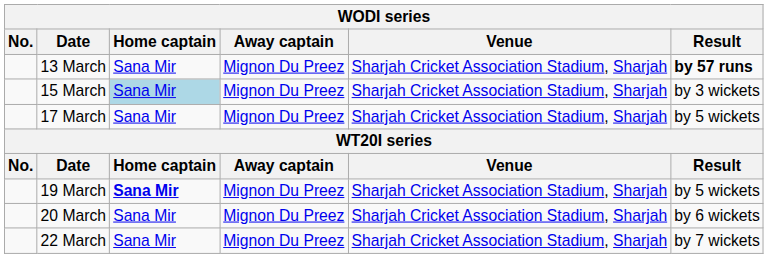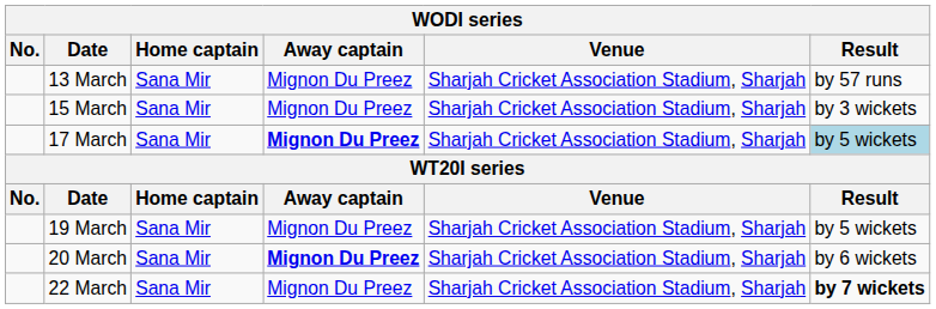 <table class="wikitable">
 <tr>
 <th colspan="9">WODI series</th>
 </tr>
 <tr>
 <th>No.</th>
 <th>Date</th>
 <th>Home captain</th>
 <th>Away captain</th>
 <th>Venue</th>
 <th>Result</th>
 </tr>
 <tr>
 <td></td>
 <td>13 March</td>
 <td><a href='#'>Sana Mir</a></td>
 <td><a href='#'>Mignon Du Preez</a></td>
 <td><a href='#'>Sharjah Cricket Association Stadium</a>, <a href='#'>Sharjah</a></td>
-<td><strong> by 57 runs</strong></td>
+<td> by 57 runs</td>
 </tr>
 <tr>
 <td></td>
 <td>15 March</td>
-<td style="background: lightblue;"><a href='#'>Sana Mir</a></td>
+<td><a href='#'>Sana Mir</a></td>
 <td><a href='#'>Mignon Du Preez</a></td>
 <td><a href='#'>Sharjah Cricket Association Stadium</a>, <a href='#'>Sharjah</a></td>
 <td> by 3 wickets</td>
 </tr>
 <tr>
 <td></td>
 <td>17 March</td>
 <td><a href='#'>Sana Mir</a></td>
-<td><a href='#'>Mignon Du Preez</a></td>
+<td><strong><a href='#'>Mignon Du Preez</a></strong></td>
 <td><a href='#'>Sharjah Cricket Association Stadium</a>, <a href='#'>Sharjah</a></td>
-<td> by 5 wickets</td>
+<td style="background: lightblue;"> by 5 wickets</td>
 </tr>
 <tr>
 <th colspan="9">WT20I series</th>
 </tr>
 <tr>
 <th>No.</th>
 <th>Date</th>
 <th>Home captain</th>
 <th>Away captain</th>
 <th>Venue</th>
 <th>Result</th>
 </tr>
 <tr>
 <td></td>
 <td>19 March</td>
-<td><strong><a href='#'>Sana Mir</a></strong></td>
+<td><a href='#'>Sana Mir</a></td>
 <td><a href='#'>Mignon Du Preez</a></td>
 <td><a href='#'>Sharjah Cricket Association Stadium</a>, <a href='#'>Sharjah</a></td>
 <td> by 5 wickets</td>
 </tr>
 <tr>
 <td></td>
 <td>20 March</td>
 <td><a href='#'>Sana Mir</a></td>
-<td><a href='#'>Mignon Du Preez</a></td>
+<td><strong><a href='#'>Mignon Du Preez</a></strong></td>
 <td><a href='#'>Sharjah Cricket Association Stadium</a>, <a href='#'>Sharjah</a></td>
 <td> by 6 wickets</td>
 </tr>
 <tr>
 <td></td>
 <td>22 March</td>
 <td><a href='#'>Sana Mir</a></td>
 <td><a href='#'>Mignon Du Preez</a></td>
 <td><a href='#'>Sharjah Cricket Association Stadium</a>, <a href='#'>Sharjah</a></td>
-<td> by 7 wickets</td>
+<td><strong> by 7 wickets</strong></td>
 </tr>
 </table>
